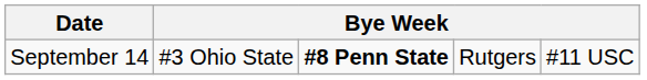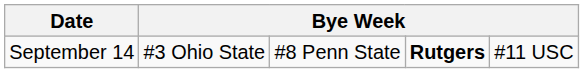 <table class="wikitable" style="font-size:95%;">
 <tr>
 <th>Date</th>
 <th colspan="5">Bye Week</th>
 </tr>
 <tr>
 <td>September 14</td>
 <td>#3 Ohio State</td>
-<td><strong>#8 Penn State</strong></td>
-<td>Rutgers</td>
+<td>#8 Penn State</td>
+<td><strong>Rutgers</strong></td>
 <td>#11 USC</td>
 </tr>
 </table>
